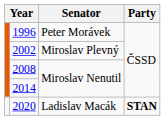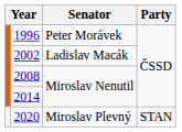 <table class="wikitable">
 <tr>
 <th colspan="2">Year</th>
 <th>Senator</th>
 <th>Party</th>
 </tr>
 <tr>
 <td rowspan="4" style="background-color:#EC5800;"></td>
 <td><a href='#'>1996</a></td>
 <td>Peter Morávek</td>
 <td rowspan="4">ČSSD</td>
 </tr>
 <tr>
 <td><a href='#'>2002</a></td>
-<td>Miroslav Plevný</td>
+<td>Ladislav Macák</td>
 </tr>
 <tr>
 <td><a href='#'>2008</a></td>
 <td rowspan="2">Miroslav Nenutil</td>
 </tr>
 <tr>
 <td><a href='#'>2014</a></td>
 </tr>
 <tr>
 <td style="background-color:"></td>
 <td><a href='#'>2020</a></td>
-<td>Ladislav Macák</td>
-<td><strong>STAN</strong></td>
+<td>Miroslav Plevný</td>
+<td>STAN</td>
 </tr>
 </table>
